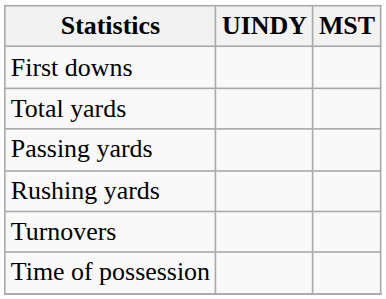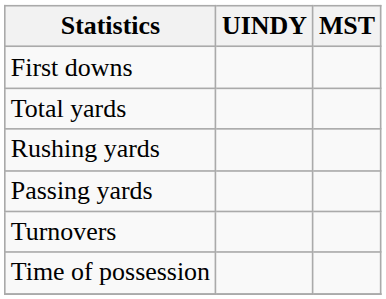 <table class="wikitable" style="float: left;">
 <tr>
 <th>Statistics</th>
 <th>UINDY</th>
 <th>MST</th>
 </tr>
 <tr>
 <td>First downs</td>
 <td></td>
 <td></td>
 </tr>
 <tr>
 <td>Total yards</td>
 <td></td>
 <td></td>
 </tr>
 <tr>
-<td>Passing yards</td>
+<td>Rushing yards</td>
 <td></td>
 <td></td>
 </tr>
 <tr>
-<td>Rushing yards</td>
+<td>Passing yards</td>
 <td></td>
 <td></td>
 </tr>
 <tr>
 <td>Turnovers</td>
 <td></td>
 <td></td>
 </tr>
 <tr>
 <td>Time of possession</td>
 <td></td>
 <td></td>
 </tr>
 <tr>
 </tr>
 </table>
